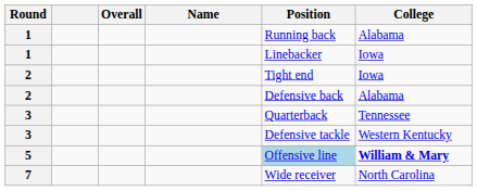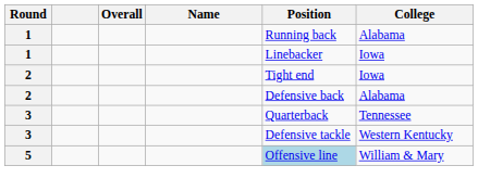 <table class="wikitable sortable">
 <tr>
 <th scope="col" style="width: 10%;">Round</th>
 <th scope="col" style="width: 10%;"></th>
 <th scope="col" style="width: 10%;">Overall</th>
 <th scope="col" style="width: 25%;">Name</th>
 <th scope="col" style="width: 20%;">Position</th>
 <th scope="col" style="width: 25%;">College</th>
 </tr>
 <tr>
 <th scope="row">1</th>
 <td></td>
 <td></td>
 <td></td>
 <td><a href='#'>Running back</a></td>
 <td><a href='#'>Alabama</a></td>
 </tr>
 <tr>
 <th scope="row">1</th>
 <td></td>
 <td></td>
 <td></td>
 <td><a href='#'>Linebacker</a></td>
 <td><a href='#'>Iowa</a></td>
 </tr>
 <tr>
 <th scope="row">2</th>
 <td></td>
 <td></td>
 <td></td>
 <td><a href='#'>Tight end</a></td>
 <td><a href='#'>Iowa</a></td>
 </tr>
 <tr>
 <th scope="row">2</th>
 <td></td>
 <td></td>
 <td></td>
 <td><a href='#'>Defensive back</a></td>
 <td><a href='#'>Alabama</a></td>
 </tr>
 <tr>
 <th scope="row">3</th>
 <td></td>
 <td></td>
 <td></td>
 <td><a href='#'>Quarterback</a></td>
 <td><a href='#'>Tennessee</a></td>
 </tr>
 <tr>
 <th scope="row">3</th>
 <td></td>
 <td></td>
 <td></td>
 <td><a href='#'>Defensive tackle</a></td>
 <td><a href='#'>Western Kentucky</a></td>
 </tr>
 <tr>
 <th scope="row">5</th>
 <td></td>
 <td></td>
 <td></td>
 <td style="background: lightblue;"><a href='#'>Offensive line</a></td>
-<td><strong><a href='#'>William & Mary</a></strong></td>
-</tr>
-<tr>
-<th scope="row">7</th>
-<td></td>
-<td></td>
-<td></td>
-<td><a href='#'>Wide receiver</a></td>
-<td><a href='#'>North Carolina</a></td>
+<td><a href='#'>William & Mary</a></td>
 </tr>
 </table>
